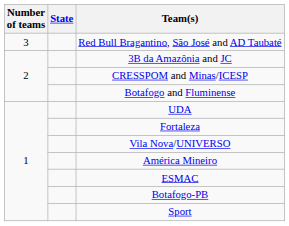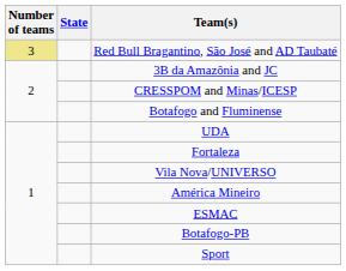 <table class="wikitable" style="text-align:center">
 <tr>
 <th>Number<br>of teams</th>
 <th><a href='#'>State</a></th>
 <th>Team(s)</th>
 </tr>
 <tr>
-<td>3</td>
+<td style="background: khaki;">3</td>
 <td align=left></td>
 <td><a href='#'>Red Bull Bragantino</a>, <a href='#'>São José</a> and <a href='#'>AD Taubaté</a></td>
 </tr>
 <tr>
 <td rowspan=3>2</td>
 <td align=left></td>
 <td><a href='#'>3B da Amazônia</a> and <a href='#'>JC</a></td>
 </tr>
 <tr>
 <td align=left></td>
 <td><a href='#'>CRESSPOM</a> and <a href='#'>Minas</a>/<a href='#'>ICESP</a></td>
 </tr>
 <tr>
 <td align=left></td>
 <td><a href='#'>Botafogo</a> and <a href='#'>Fluminense</a></td>
 </tr>
 <tr>
 <td rowspan=7>1</td>
 <td align=left></td>
 <td><a href='#'>UDA</a></td>
 </tr>
 <tr>
 <td align=left></td>
 <td><a href='#'>Fortaleza</a></td>
 </tr>
 <tr>
 <td align=left></td>
 <td><a href='#'>Vila Nova</a>/<a href='#'>UNIVERSO</a></td>
 </tr>
 <tr>
 <td align=left></td>
 <td><a href='#'>América Mineiro</a></td>
 </tr>
 <tr>
 <td align=left></td>
 <td><a href='#'>ESMAC</a></td>
 </tr>
 <tr>
 <td align=left></td>
 <td><a href='#'>Botafogo-PB</a></td>
 </tr>
 <tr>
 <td align=left></td>
 <td><a href='#'>Sport</a></td>
 </tr>
 </table>
